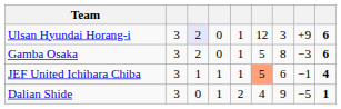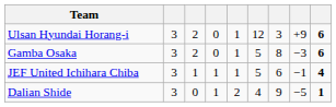 <table class="wikitable" style="text-align: center;">
 <tr>
 <th width=200>Team</th>
 <th width=20></th>
 <th width=20></th>
 <th width=20></th>
 <th width=20></th>
 <th width=20></th>
 <th width=20></th>
 <th width=20></th>
 <th width=20></th>
 </tr>
 <tr>
 <td align=left> <a href='#'>Ulsan Hyundai Horang-i</a></td>
 <td>3</td>
-<td style="background: lavender;">2</td>
+<td>2</td>
 <td>0</td>
 <td>1</td>
 <td>12</td>
 <td>3</td>
 <td>+9</td>
 <td><strong>6</strong></td>
 </tr>
 <tr>
 <td align=left> <a href='#'>Gamba Osaka</a></td>
 <td>3</td>
 <td>2</td>
 <td>0</td>
 <td>1</td>
 <td>5</td>
 <td>8</td>
 <td>−3</td>
 <td><strong>6</strong></td>
 </tr>
 <tr>
 <td align=left> <a href='#'>JEF United Ichihara Chiba</a></td>
 <td>3</td>
 <td>1</td>
 <td>1</td>
 <td>1</td>
-<td style="background: lightsalmon;">5</td>
+<td>5</td>
 <td>6</td>
 <td>−1</td>
 <td><strong>4</strong></td>
 </tr>
 <tr>
 <td align=left> <a href='#'>Dalian Shide</a></td>
 <td>3</td>
 <td>0</td>
 <td>1</td>
 <td>2</td>
 <td>4</td>
 <td>9</td>
 <td>−5</td>
 <td><strong>1</strong></td>
 </tr>
 </table>
